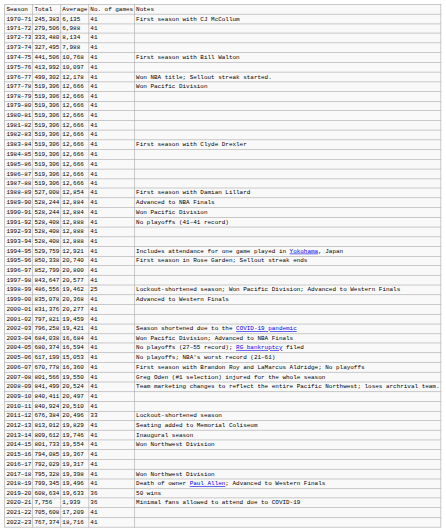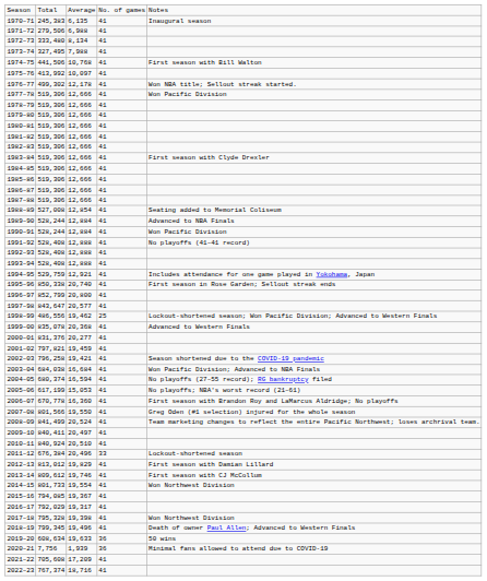 <table class="wikitable" style="font-size:75%;" align="right">
 <tr>
 <td>Season</td>
 <td>Total</td>
 <td>Average</td>
 <td>No. of games</td>
 <td>Notes</td>
 </tr>
 <tr>
 <td>1970–71</td>
 <td>245,383</td>
 <td>6,135</td>
 <td>41</td>
-<td>First season with CJ McCollum</td>
+<td>Inaugural season</td>
 </tr>
 <tr>
 <td>1971–72</td>
 <td>279,506</td>
 <td>6,988</td>
 <td>41</td>
 <td></td>
 </tr>
 <tr>
 <td>1972–73</td>
 <td>333,480</td>
 <td>8,134</td>
 <td>41</td>
 <td></td>
 </tr>
 <tr>
 <td>1973–74</td>
 <td>327,495</td>
 <td>7,988</td>
 <td>41</td>
 <td></td>
 </tr>
 <tr>
 <td>1974–75</td>
 <td>441,506</td>
 <td>10,768</td>
 <td>41</td>
 <td>First season with Bill Walton</td>
 </tr>
 <tr>
 <td>1975–76</td>
 <td>413,992</td>
 <td>10,097</td>
 <td>41</td>
 <td></td>
 </tr>
 <tr>
 <td>1976–77</td>
 <td>499,302</td>
 <td>12,178</td>
 <td>41</td>
 <td>Won NBA title; Sellout streak started.</td>
 </tr>
 <tr>
 <td>1977–78</td>
 <td>519,306</td>
 <td>12,666</td>
 <td>41</td>
 <td>Won Pacific Division</td>
 </tr>
 <tr>
 <td>1978–79</td>
 <td>519,306</td>
 <td>12,666</td>
 <td>41</td>
 <td></td>
 </tr>
 <tr>
 <td>1979–80</td>
 <td>519,306</td>
 <td>12,666</td>
 <td>41</td>
 <td></td>
 </tr>
 <tr>
 <td>1980–81</td>
 <td>519,306</td>
 <td>12,666</td>
 <td>41</td>
 <td></td>
 </tr>
 <tr>
 <td>1981–82</td>
 <td>519,306</td>
 <td>12,666</td>
 <td>41</td>
 <td></td>
 </tr>
 <tr>
 <td>1982–83</td>
 <td>519,306</td>
 <td>12,666</td>
 <td>41</td>
 <td></td>
 </tr>
 <tr>
 <td>1983–84</td>
 <td>519,306</td>
 <td>12,666</td>
 <td>41</td>
 <td>First season with Clyde Drexler</td>
 </tr>
 <tr>
 <td>1984–85</td>
 <td>519,306</td>
 <td>12,666</td>
 <td>41</td>
 <td></td>
 </tr>
 <tr>
 <td>1985–86</td>
 <td>519,306</td>
 <td>12,666</td>
 <td>41</td>
 <td></td>
 </tr>
 <tr>
 <td>1986–87</td>
 <td>519,306</td>
 <td>12,666</td>
 <td>41</td>
 <td></td>
 </tr>
 <tr>
 <td>1987–88</td>
 <td>519,306</td>
 <td>12,666</td>
 <td>41</td>
 <td></td>
 </tr>
 <tr>
 <td>1988–89</td>
 <td>527,008</td>
 <td>12,854</td>
 <td>41</td>
-<td>First season with Damian Lillard</td>
+<td>Seating added to Memorial Coliseum</td>
 </tr>
 <tr>
 <td>1989–90</td>
 <td>528,244</td>
 <td>12,884</td>
 <td>41</td>
 <td>Advanced to NBA Finals</td>
 </tr>
 <tr>
 <td>1990–91</td>
 <td>528,244</td>
 <td>12,884</td>
 <td>41</td>
 <td>Won Pacific Division</td>
 </tr>
 <tr>
 <td>1991–92</td>
 <td>528,408</td>
 <td>12,888</td>
 <td>41</td>
 <td>No playoffs (41–41 record)</td>
 </tr>
 <tr>
 <td>1992–93</td>
 <td>528,408</td>
 <td>12,888</td>
 <td>41</td>
 <td></td>
 </tr>
 <tr>
 <td>1993–94</td>
 <td>528,408</td>
 <td>12,888</td>
 <td>41</td>
 <td></td>
 </tr>
 <tr>
 <td>1994–95</td>
 <td>529,759</td>
 <td>12,921</td>
 <td>41</td>
 <td>Includes attendance for one game played in <a href='#'>Yokohama</a>, Japan</td>
 </tr>
 <tr>
 <td>1995–96</td>
 <td>850,338</td>
 <td>20,740</td>
 <td>41</td>
 <td>First season in Rose Garden; Sellout streak ends</td>
 </tr>
 <tr>
 <td>1996–97</td>
 <td>852,799</td>
 <td>20,800</td>
 <td>41</td>
 <td></td>
 </tr>
 <tr>
 <td>1997–98</td>
 <td>843,647</td>
 <td>20,577</td>
 <td>41</td>
 <td></td>
 </tr>
 <tr>
 <td>1998–99</td>
 <td>486,556</td>
 <td>19,462</td>
 <td>25</td>
 <td>Lockout-shortened season; Won Pacific Division; Advanced to Western Finals</td>
 </tr>
 <tr>
 <td>1999–00</td>
 <td>835,078</td>
 <td>20,368</td>
 <td>41</td>
 <td>Advanced to Western Finals</td>
 </tr>
 <tr>
 <td>2000–01</td>
 <td>831,376</td>
 <td>20,277</td>
 <td>41</td>
 <td></td>
 </tr>
 <tr>
 <td>2001–02</td>
 <td>797,821</td>
 <td>19,459</td>
 <td>41</td>
 <td></td>
 </tr>
 <tr>
 <td>2002–03</td>
 <td>796,258</td>
 <td>19,421</td>
 <td>41</td>
 <td>Season shortened due to the <a href='#'>COVID-19 pandemic</a></td>
 </tr>
 <tr>
 <td>2003–04</td>
 <td>684,038</td>
 <td>16,684</td>
 <td>41</td>
 <td>Won Pacific Division; Advanced to NBA Finals</td>
 </tr>
 <tr>
 <td>2004–05</td>
 <td>680,374</td>
 <td>16,594</td>
 <td>41</td>
 <td>No playoffs (27–55 record); <a href='#'>RG bankruptcy</a> filed</td>
 </tr>
 <tr>
 <td>2005–06</td>
 <td>617,199</td>
 <td>15,053</td>
 <td>41</td>
 <td>No playoffs; NBA's worst record (21–61)</td>
 </tr>
 <tr>
 <td>2006–07</td>
 <td>670,778</td>
 <td>16,360</td>
 <td>41</td>
 <td>First season with Brandon Roy and LaMarcus Aldridge; No playoffs</td>
 </tr>
 <tr>
 <td>2007–08</td>
 <td>801,566</td>
 <td>19,550</td>
 <td>41</td>
 <td>Greg Oden (#1 selection) injured for the whole season</td>
 </tr>
 <tr>
 <td>2008–09</td>
 <td>841,499</td>
 <td>20,524</td>
 <td>41</td>
 <td>Team marketing changes to reflect the entire Pacific Northwest; loses archrival team.</td>
 </tr>
 <tr>
 <td>2009–10</td>
 <td>840,411</td>
 <td>20,497</td>
 <td>41</td>
 <td></td>
 </tr>
 <tr>
 <td>2010–11</td>
 <td>840,924</td>
 <td>20,510</td>
 <td>41</td>
 <td></td>
 </tr>
 <tr>
 <td>2011–12</td>
 <td>676,384</td>
 <td>20,496</td>
 <td>33</td>
 <td>Lockout-shortened season</td>
 </tr>
 <tr>
 <td>2012–13</td>
 <td>813,012</td>
 <td>19,829</td>
 <td>41</td>
-<td>Seating added to Memorial Coliseum</td>
+<td>First season with Damian Lillard</td>
 </tr>
 <tr>
 <td>2013–14</td>
 <td>809,612</td>
 <td>19,746</td>
 <td>41</td>
-<td>Inaugural season</td>
+<td>First season with CJ McCollum</td>
 </tr>
 <tr>
 <td>2014–15</td>
 <td>801,733</td>
 <td>19,554</td>
 <td>41</td>
 <td>Won Northwest Division</td>
 </tr>
 <tr>
 <td>2015–16</td>
 <td>794,085</td>
 <td>19,367</td>
 <td>41</td>
 <td></td>
 </tr>
 <tr>
 <td>2016–17</td>
 <td>792,029</td>
 <td>19,317</td>
 <td>41</td>
 <td></td>
 </tr>
 <tr>
 <td>2017–18</td>
 <td>795,328</td>
 <td>19,398</td>
 <td>41</td>
 <td>Won Northwest Division</td>
 </tr>
 <tr>
 <td>2018–19</td>
 <td>799,345</td>
 <td>19,496</td>
 <td>41</td>
 <td>Death of owner <a href='#'>Paul Allen</a>; Advanced to Western Finals</td>
 </tr>
 <tr>
 <td>2019–20</td>
 <td>608,634</td>
 <td>19,633</td>
 <td>36</td>
 <td>50 wins</td>
 </tr>
 <tr>
 <td>2020–21</td>
 <td>7,756</td>
 <td>1,939</td>
 <td>36</td>
 <td>Minimal fans allowed to attend due to COVID-19</td>
 </tr>
 <tr>
 <td>2021–22</td>
 <td>705,608</td>
 <td>17,209</td>
 <td>41</td>
 <td></td>
 </tr>
 <tr>
 <td>2022–23</td>
 <td>767,374</td>
 <td>18,716</td>
 <td>41</td>
 <td></td>
 </tr>
 </table>
